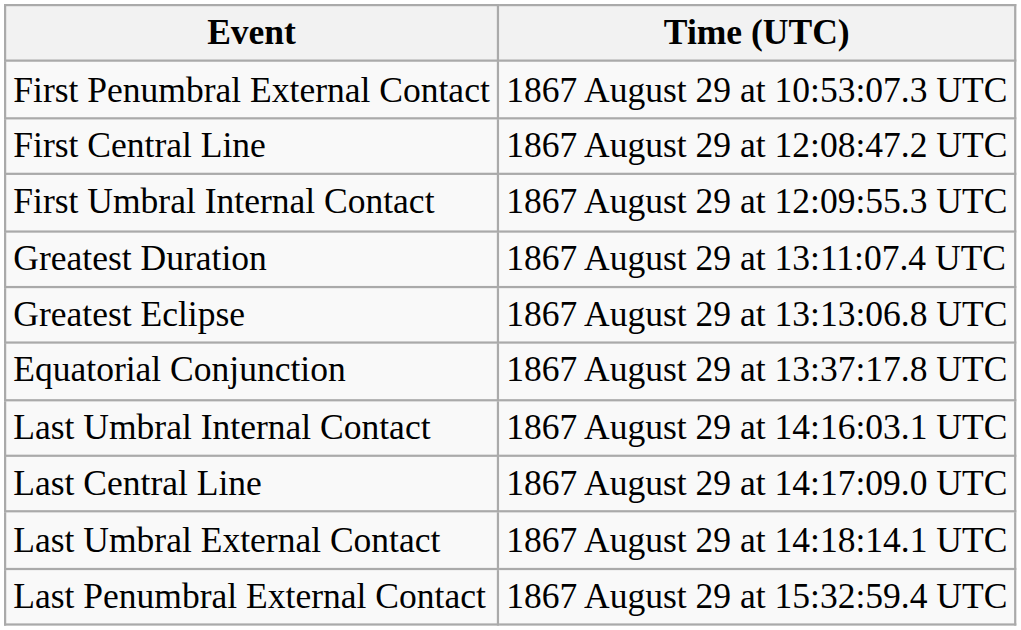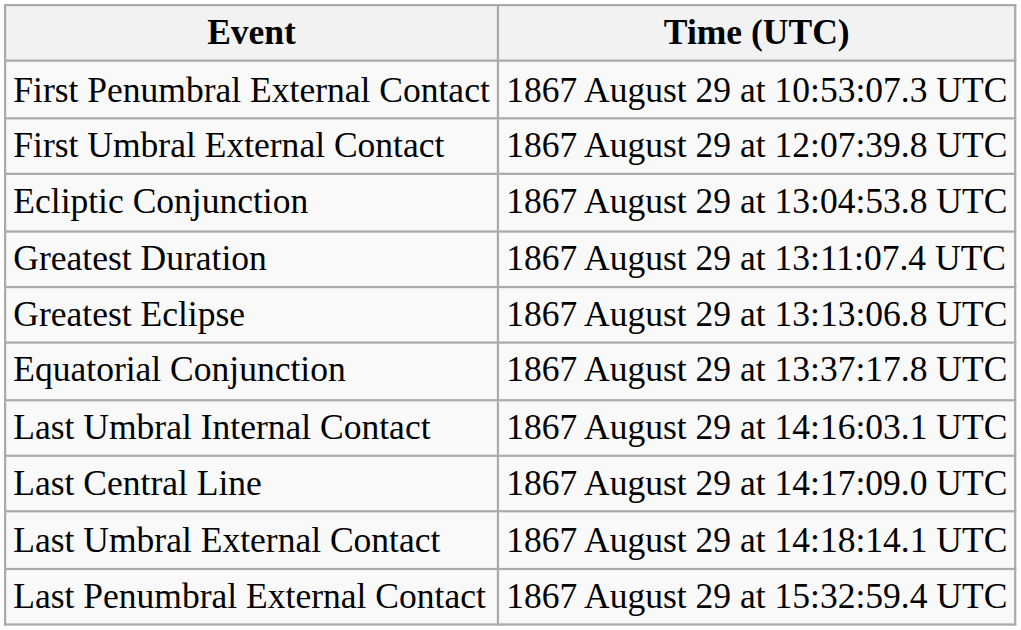 <table class="wikitable">
 <tr>
 <th>Event</th>
 <th>Time (UTC)</th>
 </tr>
 <tr>
 <td>First Penumbral External Contact</td>
 <td>1867 August 29 at 10:53:07.3 UTC</td>
 </tr>
 <tr>
-<td>First Central Line</td>
-<td>1867 August 29 at 12:08:47.2 UTC</td>
+<td>First Umbral External Contact</td>
+<td>1867 August 29 at 12:07:39.8 UTC</td>
 </tr>
 <tr>
-<td>First Umbral Internal Contact</td>
-<td>1867 August 29 at 12:09:55.3 UTC</td>
+<td>Ecliptic Conjunction</td>
+<td>1867 August 29 at 13:04:53.8 UTC</td>
 </tr>
 <tr>
 <td>Greatest Duration</td>
 <td>1867 August 29 at 13:11:07.4 UTC</td>
 </tr>
 <tr>
 <td>Greatest Eclipse</td>
 <td>1867 August 29 at 13:13:06.8 UTC</td>
 </tr>
 <tr>
 <td>Equatorial Conjunction</td>
 <td>1867 August 29 at 13:37:17.8 UTC</td>
 </tr>
 <tr>
 <td>Last Umbral Internal Contact</td>
 <td>1867 August 29 at 14:16:03.1 UTC</td>
 </tr>
 <tr>
 <td>Last Central Line</td>
 <td>1867 August 29 at 14:17:09.0 UTC</td>
 </tr>
 <tr>
 <td>Last Umbral External Contact</td>
 <td>1867 August 29 at 14:18:14.1 UTC</td>
 </tr>
 <tr>
 <td>Last Penumbral External Contact</td>
 <td>1867 August 29 at 15:32:59.4 UTC</td>
 </tr>
 </table>
